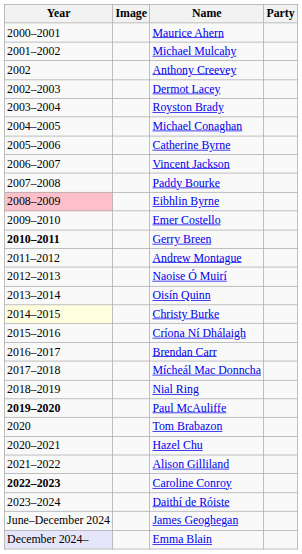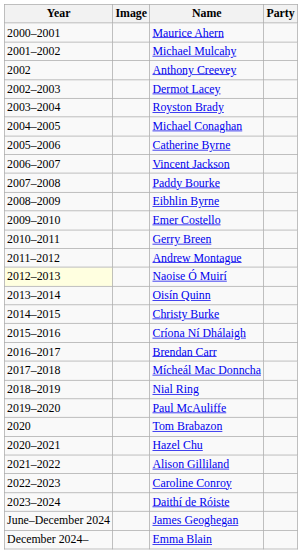 <table class="wikitable">
 <tr>
 <th>Year</th>
 <th>Image</th>
 <th>Name</th>
 <th colspan=2>Party</th>
 </tr>
 <tr>
 <td>2000–2001</td>
 <td></td>
 <td><a href='#'>Maurice Ahern</a></td>
 <td></td>
 </tr>
 <tr>
 <td>2001–2002</td>
 <td></td>
 <td><a href='#'>Michael Mulcahy</a></td>
 <td></td>
 </tr>
 <tr>
 <td>2002</td>
 <td></td>
 <td><a href='#'>Anthony Creevey</a></td>
 <td></td>
 </tr>
 <tr>
 <td>2002–2003</td>
 <td></td>
 <td><a href='#'>Dermot Lacey</a></td>
 <td></td>
 </tr>
 <tr>
 <td>2003–2004</td>
 <td></td>
 <td><a href='#'>Royston Brady</a></td>
 <td></td>
 </tr>
 <tr>
 <td>2004–2005</td>
 <td></td>
 <td><a href='#'>Michael Conaghan</a></td>
 <td></td>
 </tr>
 <tr>
 <td>2005–2006</td>
 <td></td>
 <td><a href='#'>Catherine Byrne</a></td>
 <td></td>
 </tr>
 <tr>
 <td>2006–2007</td>
 <td></td>
 <td><a href='#'>Vincent Jackson</a></td>
 <td></td>
 </tr>
 <tr>
 <td>2007–2008</td>
 <td></td>
 <td><a href='#'>Paddy Bourke</a></td>
 <td></td>
 </tr>
 <tr>
-<td style="background: pink;">2008–2009</td>
+<td>2008–2009</td>
 <td></td>
 <td><a href='#'>Eibhlin Byrne</a></td>
 <td></td>
 </tr>
 <tr>
 <td>2009–2010</td>
 <td></td>
 <td><a href='#'>Emer Costello</a></td>
 <td></td>
 </tr>
 <tr>
-<td><strong>2010–2011</strong></td>
+<td>2010–2011</td>
 <td></td>
 <td><a href='#'>Gerry Breen</a></td>
 <td></td>
 </tr>
 <tr>
 <td>2011–2012</td>
 <td></td>
 <td><a href='#'>Andrew Montague</a></td>
 <td></td>
 </tr>
 <tr>
-<td>2012–2013</td>
+<td style="background: lightyellow;">2012–2013</td>
 <td></td>
 <td><a href='#'>Naoise Ó Muirí</a></td>
 <td></td>
 </tr>
 <tr>
 <td>2013–2014</td>
 <td></td>
 <td><a href='#'>Oisín Quinn</a></td>
 <td></td>
 </tr>
 <tr>
-<td style="background: lightyellow;">2014–2015</td>
+<td>2014–2015</td>
 <td></td>
 <td><a href='#'>Christy Burke</a></td>
 <td></td>
 </tr>
 <tr>
 <td>2015–2016</td>
 <td></td>
 <td><a href='#'>Críona Ní Dhálaigh</a></td>
 <td></td>
 </tr>
 <tr>
 <td>2016–2017</td>
 <td></td>
 <td><a href='#'>Brendan Carr</a></td>
 <td></td>
 </tr>
 <tr>
 <td>2017–2018</td>
 <td></td>
 <td><a href='#'>Mícheál Mac Donncha</a></td>
 <td></td>
 </tr>
 <tr>
 <td>2018–2019</td>
 <td></td>
 <td><a href='#'>Nial Ring</a></td>
 <td></td>
 </tr>
 <tr>
-<td><strong>2019–2020</strong></td>
+<td>2019–2020</td>
 <td></td>
 <td><a href='#'>Paul McAuliffe</a></td>
 <td></td>
 </tr>
 <tr>
 <td>2020</td>
 <td></td>
 <td><a href='#'>Tom Brabazon</a></td>
 <td></td>
 </tr>
 <tr>
 <td>2020–2021</td>
 <td></td>
 <td><a href='#'>Hazel Chu</a></td>
 <td></td>
 </tr>
 <tr>
 <td>2021–2022</td>
 <td></td>
 <td><a href='#'>Alison Gilliland</a></td>
 <td></td>
 </tr>
 <tr>
-<td><strong>2022–2023</strong></td>
+<td>2022–2023</td>
 <td></td>
 <td><a href='#'>Caroline Conroy</a></td>
 <td></td>
 </tr>
 <tr>
 <td>2023–2024</td>
 <td></td>
 <td><a href='#'>Daithí de Róiste</a></td>
 <td></td>
 </tr>
 <tr>
 <td>June–December 2024</td>
 <td></td>
 <td><a href='#'>James Geoghegan</a></td>
 <td></td>
 </tr>
 <tr>
-<td style="background: lavender;">December 2024–</td>
+<td>December 2024–</td>
 <td></td>
 <td><a href='#'>Emma Blain</a></td>
 <td></td>
 </tr>
 </table>
